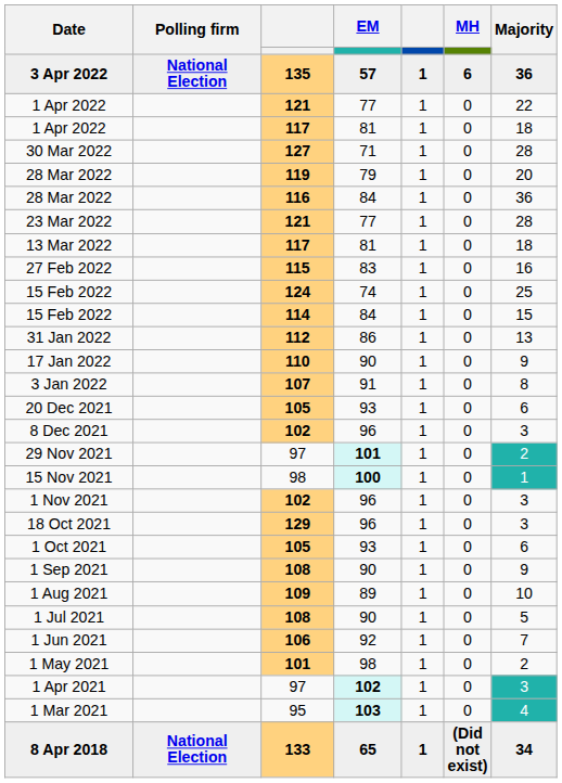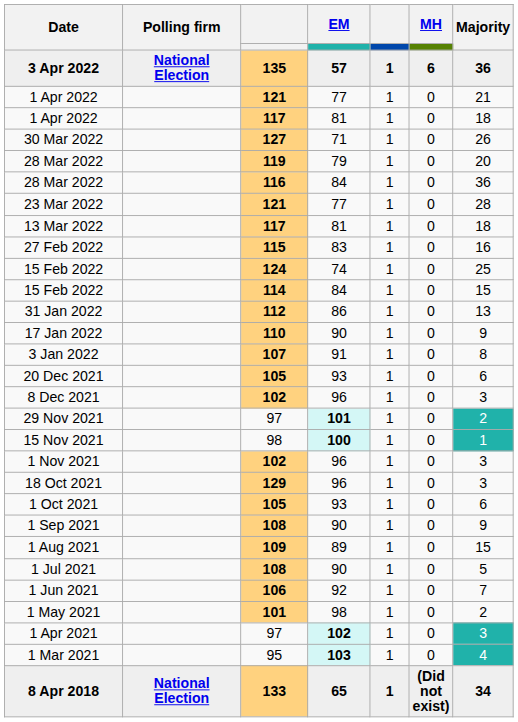 <table class="wikitable sortable" style="text-align:center;font-size:95%;line-height:16px;">
 <tr style="height:42px;">
 <th style="width:120px;" rowspan="2">Date</th>
 <th style="width:120px;" rowspan="2">Polling firm</th>
 <th style="width:65px;"></th>
 <th style="width:60px;"><a href='#'>EM</a></th>
 <th style="width:35px;"></th>
 <th style="width:35px;"><a href='#'>MH</a></th>
 <th style="width:20px;" class="unsortable" rowspan="2">Majority</th>
 </tr>
 <tr>
 <th style="color:inherit;background:"></th>
 <th style="color:inherit;background:#20B2AA"></th>
 <th style="color:inherit;background:#0047AB"></th>
 <th style="color:inherit;background:#568203"></th>
 </tr>
 <tr style="background:#EFEFEF; font-weight:bold;">
 <td data-sort-value="2022-04-04">3 Apr 2022</td>
 <td><a href='#'>National Election</a></td>
 <td style="background:#ffd27f">135</td>
 <td>57</td>
 <td>1</td>
 <td>6</td>
 <td style="background:">36</td>
 </tr>
 <tr>
 <td>1 Apr 2022</td>
 <td></td>
 <td style="background:#ffd27f"><strong>121</strong></td>
 <td>77</td>
 <td>1</td>
 <td>0</td>
-<td style="background:">22</td>
+<td style="background:">21</td>
 </tr>
 <tr>
 <td>1 Apr 2022</td>
 <td></td>
 <td style="background:#ffd27f"><strong>117</strong></td>
 <td>81</td>
 <td>1</td>
 <td>0</td>
 <td style="background:">18</td>
 </tr>
 <tr>
 <td>30 Mar 2022</td>
 <td></td>
 <td style="background:#ffd27f"><strong>127</strong></td>
 <td>71</td>
 <td>1</td>
 <td>0</td>
-<td style="background:">28</td>
+<td style="background:">26</td>
 </tr>
 <tr>
 <td>28 Mar 2022</td>
 <td></td>
 <td style="background:#ffd27f"><strong>119</strong></td>
 <td>79</td>
 <td>1</td>
 <td>0</td>
 <td style="background:">20</td>
 </tr>
 <tr>
 <td>28 Mar 2022</td>
 <td></td>
 <td style="background:#ffd27f"><strong>116</strong></td>
 <td>84</td>
 <td>1</td>
 <td>0</td>
 <td style="background:">36</td>
 </tr>
 <tr>
 <td>23 Mar 2022</td>
 <td></td>
 <td style="background:#ffd27f"><strong>121</strong></td>
 <td>77</td>
 <td>1</td>
 <td>0</td>
 <td style="background:">28</td>
 </tr>
 <tr>
 <td>13 Mar 2022</td>
 <td></td>
 <td style="background:#ffd27f"><strong>117</strong></td>
 <td>81</td>
 <td>1</td>
 <td>0</td>
 <td style="background:">18</td>
 </tr>
 <tr>
 <td>27 Feb 2022</td>
 <td></td>
 <td style="background:#ffd27f"><strong>115</strong></td>
 <td>83</td>
 <td>1</td>
 <td>0</td>
 <td style="background:">16</td>
 </tr>
 <tr>
 <td>15 Feb 2022</td>
 <td></td>
 <td style="background:#ffd27f"><strong>124</strong></td>
 <td>74</td>
 <td>1</td>
 <td>0</td>
 <td style="background:">25</td>
 </tr>
 <tr>
 <td>15 Feb 2022</td>
 <td></td>
 <td style="background:#ffd27f"><strong>114</strong></td>
 <td>84</td>
 <td>1</td>
 <td>0</td>
 <td style="background:">15</td>
 </tr>
 <tr>
 <td>31 Jan 2022</td>
 <td></td>
 <td style="background:#ffd27f"><strong>112</strong></td>
 <td>86</td>
 <td>1</td>
 <td>0</td>
 <td style="background:">13</td>
 </tr>
 <tr>
 <td>17 Jan 2022</td>
 <td></td>
 <td style="background:#ffd27f"><strong>110</strong></td>
 <td>90</td>
 <td>1</td>
 <td>0</td>
 <td style="background:">9</td>
 </tr>
 <tr>
 <td>3 Jan 2022</td>
 <td></td>
 <td style="background:#ffd27f"><strong>107</strong></td>
 <td>91</td>
 <td>1</td>
 <td>0</td>
 <td style="background:">8</td>
 </tr>
 <tr>
 <td>20 Dec 2021</td>
 <td></td>
 <td style="background:#ffd27f"><strong>105</strong></td>
 <td>93</td>
 <td>1</td>
 <td>0</td>
 <td style="background:">6</td>
 </tr>
 <tr>
 <td>8 Dec 2021</td>
 <td></td>
 <td style="background:#ffd27f"><strong>102</strong></td>
 <td>96</td>
 <td>1</td>
 <td>0</td>
 <td style="background:">3</td>
 </tr>
 <tr>
 <td>29 Nov 2021</td>
 <td></td>
 <td>97</td>
 <td style="background:#D4F7F6"><strong>101</strong></td>
 <td>1</td>
 <td>0</td>
 <td style="background:#20B2AA; color:white;">2</td>
 </tr>
 <tr>
 <td>15 Nov 2021</td>
 <td></td>
 <td>98</td>
 <td style="background:#D4F7F6"><strong>100</strong></td>
 <td>1</td>
 <td>0</td>
 <td style="background:#20B2AA; color:white;">1</td>
 </tr>
 <tr>
 <td>1 Nov 2021</td>
 <td></td>
 <td style="background:#ffd27f"><strong>102</strong></td>
 <td>96</td>
 <td>1</td>
 <td>0</td>
 <td style="background:">3</td>
 </tr>
 <tr>
 <td>18 Oct 2021</td>
 <td></td>
 <td style="background:#ffd27f"><strong>129</strong></td>
 <td>96</td>
 <td>1</td>
 <td>0</td>
 <td style="background:">3</td>
 </tr>
 <tr>
 <td>1 Oct 2021</td>
 <td></td>
 <td style="background:#ffd27f"><strong>105</strong></td>
 <td>93</td>
 <td>1</td>
 <td>0</td>
 <td style="background:">6</td>
 </tr>
 <tr>
 <td>1 Sep 2021</td>
 <td></td>
 <td style="background:#ffd27f"><strong>108</strong></td>
 <td>90</td>
 <td>1</td>
 <td>0</td>
 <td style="background:">9</td>
 </tr>
 <tr>
 <td>1 Aug 2021</td>
 <td></td>
 <td style="background:#ffd27f"><strong>109</strong></td>
 <td>89</td>
 <td>1</td>
 <td>0</td>
-<td style="background:">10</td>
+<td style="background:">15</td>
 </tr>
 <tr>
 <td>1 Jul 2021</td>
 <td></td>
 <td style="background:#ffd27f"><strong>108</strong></td>
 <td>90</td>
 <td>1</td>
 <td>0</td>
 <td style="background:">5</td>
 </tr>
 <tr>
 <td>1 Jun 2021</td>
 <td></td>
 <td style="background:#ffd27f"><strong>106</strong></td>
 <td>92</td>
 <td>1</td>
 <td>0</td>
 <td style="background:">7</td>
 </tr>
 <tr>
 <td>1 May 2021</td>
 <td></td>
 <td style="background:#ffd27f"><strong>101</strong></td>
 <td>98</td>
 <td>1</td>
 <td>0</td>
 <td style="background:">2</td>
 </tr>
 <tr>
 <td>1 Apr 2021</td>
 <td></td>
 <td>97</td>
 <td style="background:#D4F7F6"><strong>102</strong></td>
 <td>1</td>
 <td>0</td>
 <td style="background:#20B2AA; color:white;">3</td>
 </tr>
 <tr>
 <td>1 Mar 2021</td>
 <td></td>
 <td>95</td>
 <td style="background:#D4F7F6"><strong>103</strong></td>
 <td>1</td>
 <td>0</td>
 <td style="background:#20B2AA; color:white;">4</td>
 </tr>
 <tr style="background:#EFEFEF; font-weight:bold;">
 <td data-sort-value="2018-04-08">8 Apr 2018</td>
 <td><a href='#'>National Election</a></td>
 <td style="background:#ffd27f">133</td>
 <td>65</td>
 <td>1</td>
 <td>(Did not exist)</td>
 <td style="background:">34</td>
 </tr>
 </table>
